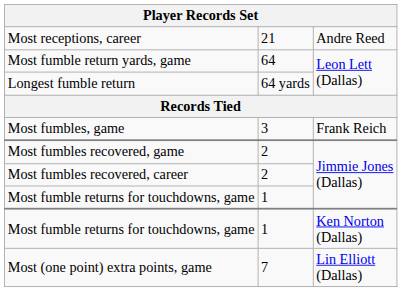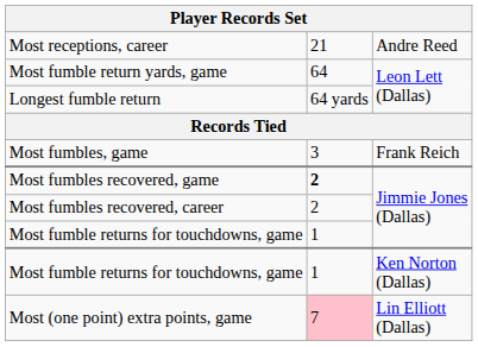 <table class="wikitable">
 <tr>
 <th colspan=3>Player Records Set</th>
 </tr>
 <tr>
 <td>Most receptions, career</td>
 <td>21</td>
 <td>Andre Reed</td>
 </tr>
 <tr>
 <td>Most fumble return yards, game</td>
 <td>64</td>
 <td rowspan=2><a href='#'>Leon Lett</a><br>(Dallas)</td>
 </tr>
 <tr>
 <td>Longest fumble return</td>
 <td>64 yards</td>
 </tr>
 <tr>
 <th colspan=3>Records Tied</th>
 </tr>
 <tr style="border-bottom: 2px solid gray">
 <td>Most fumbles, game</td>
 <td>3</td>
 <td>Frank Reich</td>
 </tr>
 <tr>
 <td>Most fumbles recovered, game</td>
-<td>2</td>
+<td><strong>2</strong></td>
 <td rowspan=3><a href='#'>Jimmie Jones</a><br>(Dallas)</td>
 </tr>
 <tr>
 <td>Most fumbles recovered, career</td>
 <td>2</td>
 </tr>
 <tr style="border-bottom: 2px solid gray">
 <td>Most fumble returns for touchdowns, game</td>
 <td>1</td>
 </tr>
 <tr>
 <td>Most fumble returns for touchdowns, game</td>
 <td>1</td>
 <td><a href='#'>Ken Norton</a><br>(Dallas)</td>
 </tr>
 <tr>
 <td>Most (one point) extra points, game</td>
-<td>7</td>
+<td style="background: pink;">7</td>
 <td><a href='#'>Lin Elliott</a><br>(Dallas)</td>
 </tr>
 </table>
